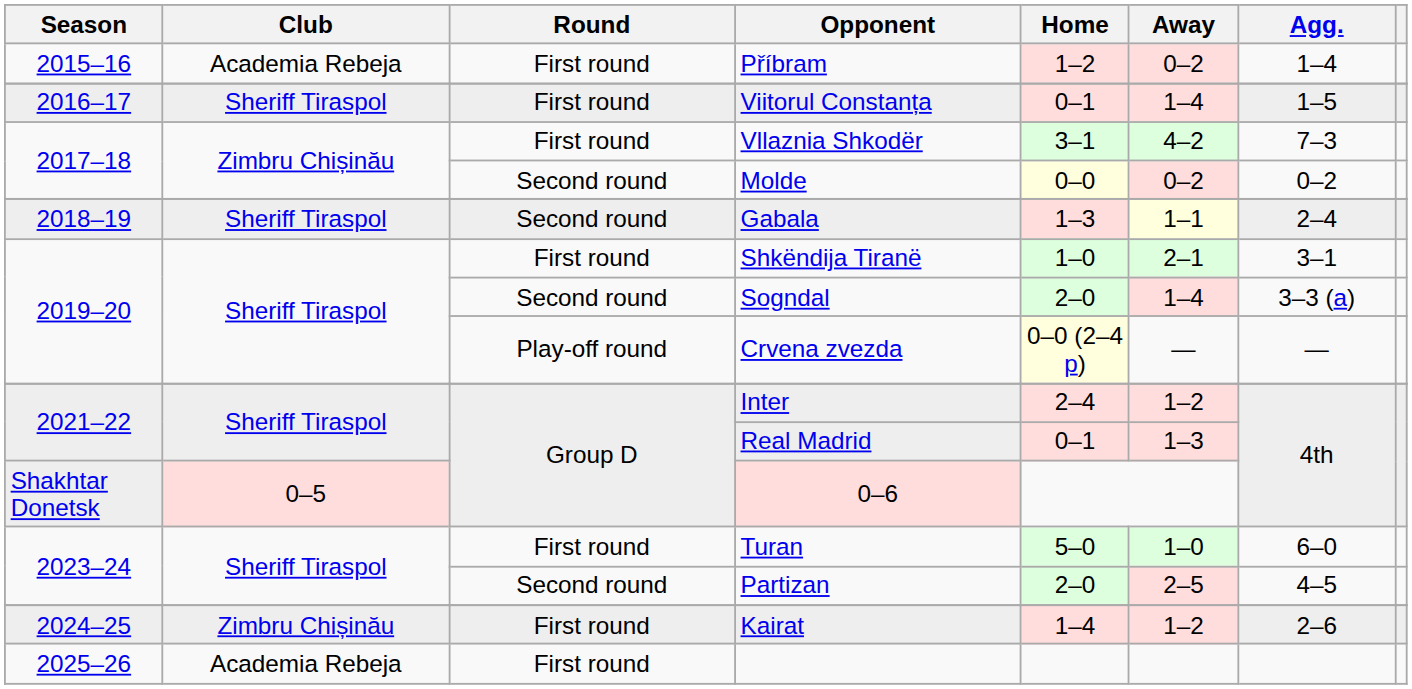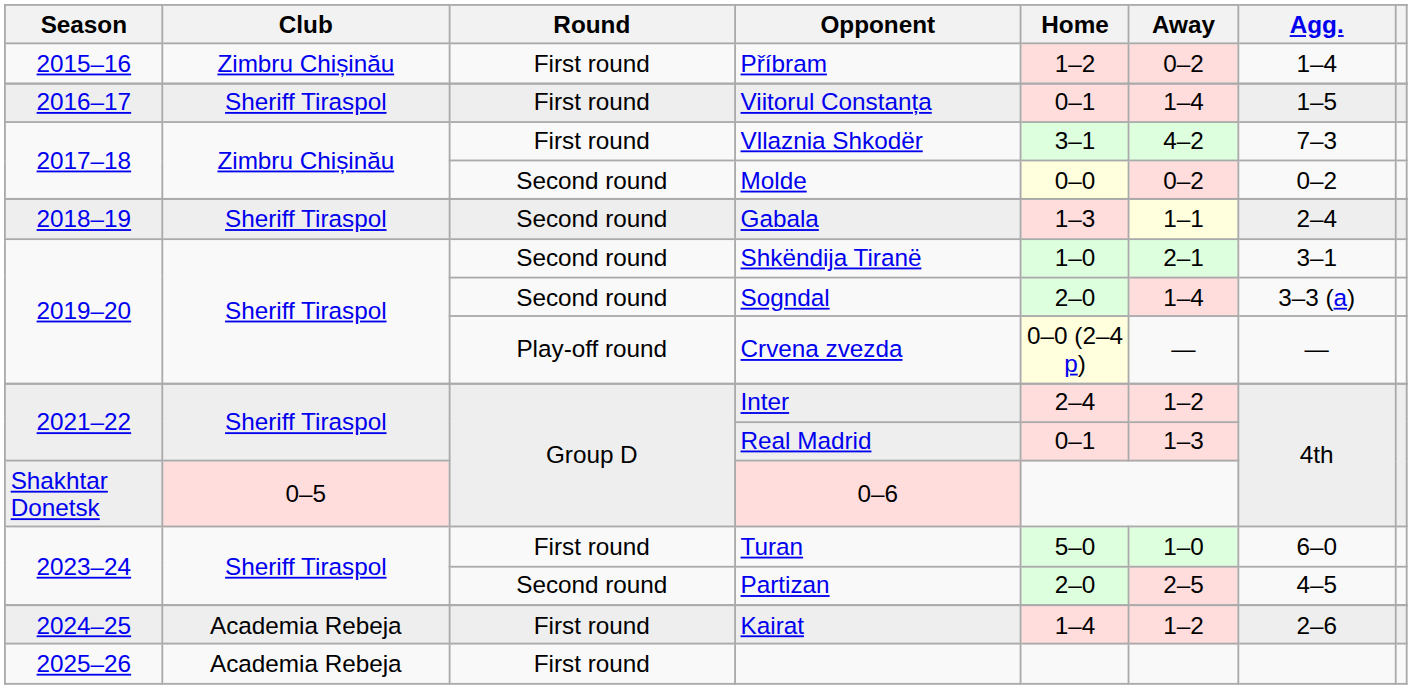 <table class="wikitable sortable collapsible collapsed" style="text-align: center; font-size: 83%;">
 <tr>
 <th width="80">Season</th>
 <th width="150">Club</th>
 <th width="150">Round</th>
 <th width="150">Opponent</th>
 <th width="53">Home</th>
 <th width="53">Away</th>
 <th width="80"><a href='#'>Agg.</a></th>
 <th></th>
 </tr>
 <tr>
 <td><a href='#'>2015–16</a></td>
-<td>Academia Rebeja</td>
+<td><a href='#'>Zimbru Chișinău</a></td>
 <td>First round</td>
 <td align="left"> <a href='#'>Příbram</a></td>
 <td bgcolor="#ffdddd">1–2</td>
 <td bgcolor="#ffdddd">0–2</td>
 <td>1–4</td>
 <td></td>
 </tr>
 <tr>
 </tr>
 <tr bgcolor=#EEEEEE>
 <td><a href='#'>2016–17</a></td>
 <td><a href='#'>Sheriff Tiraspol</a></td>
 <td>First round</td>
 <td align="left"> <a href='#'>Viitorul Constanța</a></td>
 <td bgcolor="#ffdddd">0–1</td>
 <td bgcolor="#ffdddd">1–4</td>
 <td>1–5</td>
 <td></td>
 </tr>
 <tr>
 <td rowspan=2><a href='#'>2017–18</a></td>
 <td rowspan=2><a href='#'>Zimbru Chișinău</a></td>
 <td>First round</td>
 <td align="left"> <a href='#'>Vllaznia Shkodër</a></td>
 <td bgcolor="#ddffdd">3–1</td>
 <td bgcolor="#ddffdd">4–2</td>
 <td>7–3</td>
 <td></td>
 </tr>
 <tr>
 <td>Second round</td>
 <td align="left"> <a href='#'>Molde</a></td>
 <td bgcolor="#ffffdd">0–0</td>
 <td bgcolor="#ffdddd">0–2</td>
 <td>0–2</td>
 <td></td>
 </tr>
 <tr>
 </tr>
 <tr bgcolor=#EEEEEE>
 <td><a href='#'>2018–19</a></td>
 <td><a href='#'>Sheriff Tiraspol</a></td>
 <td>Second round</td>
 <td align="left"> <a href='#'>Gabala</a></td>
 <td bgcolor="#ffdddd">1–3</td>
 <td bgcolor="#ffffdd">1–1</td>
 <td>2–4</td>
 <td></td>
 </tr>
 <tr>
 <td rowspan=3><a href='#'>2019–20</a></td>
 <td rowspan=3><a href='#'>Sheriff Tiraspol</a></td>
-<td>First round</td>
+<td>Second round</td>
 <td align="left"> <a href='#'>Shkëndija Tiranë</a></td>
 <td bgcolor="#ddffdd">1–0</td>
 <td bgcolor="#ddffdd">2–1</td>
 <td>3–1</td>
 <td></td>
 </tr>
 <tr>
 <td>Second round</td>
 <td align="left"> <a href='#'>Sogndal</a></td>
 <td bgcolor="#ddffdd">2–0</td>
 <td bgcolor="#ffdddd">1–4</td>
 <td>3–3 (<a href='#'>a</a>)</td>
 <td></td>
 </tr>
 <tr>
 <td>Play-off round</td>
 <td align="left"> <a href='#'>Crvena zvezda</a></td>
 <td bgcolor="#ffffdd">0–0 (2–4 <a href='#'>p</a>)</td>
 <td>—</td>
 <td>—</td>
 <td></td>
 </tr>
 <tr>
 </tr>
 <tr bgcolor=#EEEEEE>
 <td rowspan=4><a href='#'>2021–22</a></td>
 <td rowspan=4><a href='#'>Sheriff Tiraspol</a></td>
 </tr>
 <tr>
 </tr>
 <tr bgcolor=#EEEEEE>
 <td rowspan=3>Group D</td>
 <td align="left"> <a href='#'>Inter</a></td>
 <td bgcolor="#ffdddd">2–4</td>
 <td bgcolor="#ffdddd">1–2</td>
 <td rowspan=3>4th</td>
 <td rowspan=3></td>
 </tr>
 <tr bgcolor=#EEEEEE>
 <td align="left"> <a href='#'>Real Madrid</a></td>
 <td bgcolor="#ffdddd">0–1</td>
 <td bgcolor="#ffdddd">1–3</td>
 </tr>
 <tr bgcolor=#EEEEEE>
 <td align="left"> <a href='#'>Shakhtar Donetsk</a></td>
 <td bgcolor="#ffdddd">0–5</td>
 <td bgcolor="#ffdddd">0–6</td>
 </tr>
 <tr>
 <td rowspan=2><a href='#'>2023–24</a></td>
 <td rowspan=2><a href='#'>Sheriff Tiraspol</a></td>
 <td>First round</td>
 <td align="left"> <a href='#'>Turan</a></td>
 <td bgcolor="#ddffdd">5–0</td>
 <td bgcolor="#ddffdd">1–0</td>
 <td>6–0</td>
 <td></td>
 </tr>
 <tr>
 <td>Second round</td>
 <td align="left"> <a href='#'>Partizan</a></td>
 <td bgcolor="#ddffdd">2–0</td>
 <td bgcolor="#ffdddd">2–5</td>
 <td>4–5</td>
 <td></td>
 </tr>
 <tr>
 </tr>
 <tr bgcolor=#EEEEEE>
 <td><a href='#'>2024–25</a></td>
-<td><a href='#'>Zimbru Chișinău</a></td>
+<td>Academia Rebeja</td>
 <td>First round</td>
 <td align="left"> <a href='#'>Kairat</a></td>
 <td bgcolor="#ffdddd">1–4</td>
 <td bgcolor="#ffdddd">1–2</td>
 <td>2–6</td>
 <td></td>
 </tr>
 <tr>
 <td><a href='#'>2025–26</a></td>
 <td>Academia Rebeja</td>
 <td>First round</td>
 <td align="left"></td>
 <td></td>
 <td></td>
 <td></td>
 <td></td>
 </tr>
 </table>
